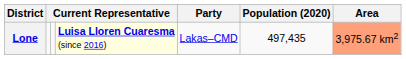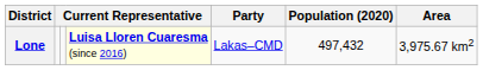 <table class="wikitable sortable" style="margin: 1em auto; font-size:100%; line-height:20px; text-align:center">
 <tr>
 <th>District</th>
 <th colspan="3">Current Representative</th>
 <th>Party</th>
 <th>Population (2020)</th>
 <th>Area</th>
 </tr>
 <tr>
 <th><a href='#'>Lone</a></th>
 <td style="background:"></td>
 <td></td>
 <td style="background: lightyellow; text-align:left;"><strong><a href='#'>Luisa Lloren Cuaresma</a></strong><br><small>(since <a href='#'>2016</a>)</small></td>
 <td><a href='#'>Lakas–CMD</a></td>
-<td>497,435</td>
-<td style="background: lightsalmon;">3,975.67 km<sup>2</sup></td>
+<td>497,432</td>
+<td>3,975.67 km<sup>2</sup></td>
 </tr>
 </table>
